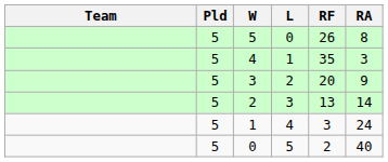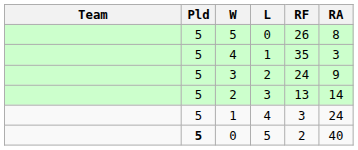 <table class="wikitable" style="text-align: center;">
 <tr>
 <th width="180">Team</th>
 <th width="30">Pld</th>
 <th width="30">W</th>
 <th width="30">L</th>
 <th width="30">RF</th>
 <th width="30">RA</th>
 </tr>
 <tr bgcolor=ccffcc>
 <td style="text-align:left"></td>
 <td>5</td>
 <td>5</td>
 <td>0</td>
 <td>26</td>
 <td>8</td>
 </tr>
 <tr bgcolor=ccffcc>
 <td style="text-align:left"></td>
 <td>5</td>
 <td>4</td>
 <td>1</td>
 <td>35</td>
 <td>3</td>
 </tr>
 <tr bgcolor=ccffcc>
 <td style="text-align:left"></td>
 <td>5</td>
 <td>3</td>
 <td>2</td>
-<td>20</td>
+<td>24</td>
 <td>9</td>
 </tr>
 <tr bgcolor=ccffcc>
 <td style="text-align:left"></td>
 <td>5</td>
 <td>2</td>
 <td>3</td>
 <td>13</td>
 <td>14</td>
 </tr>
 <tr>
 <td style="text-align:left"></td>
 <td>5</td>
 <td>1</td>
 <td>4</td>
 <td>3</td>
 <td>24</td>
 </tr>
 <tr>
 <td style="text-align:left"></td>
-<td>5</td>
+<td><strong>5</strong></td>
 <td>0</td>
 <td>5</td>
 <td>2</td>
 <td>40</td>
 </tr>
 </table>
